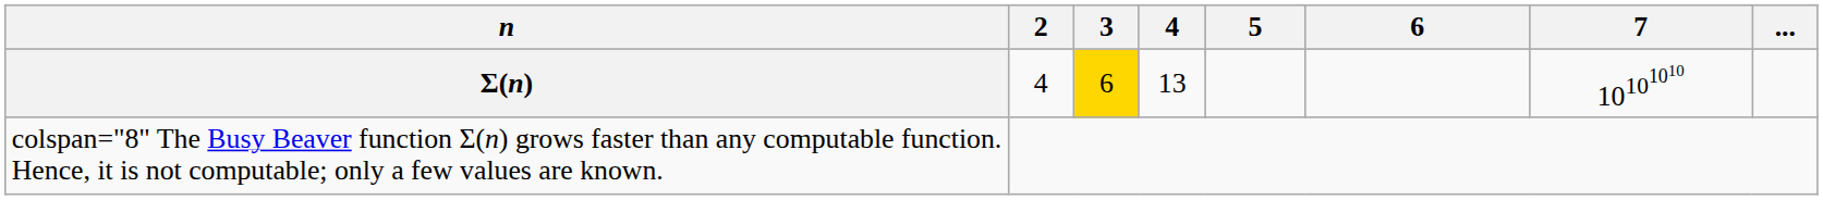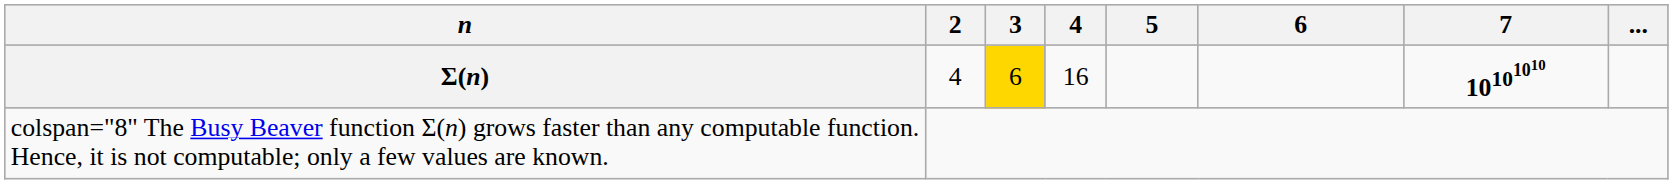 <table class="wikitable floatright">
 <tr>
 <th><em>n</em></th>
 <th width="30px">2</th>
 <th width="30px">3</th>
 <th width="30px">4</th>
 <th width="50px">5</th>
 <th width="120px">6</th>
 <th width="120px">7</th>
 <th width="30px">...</th>
 </tr>
 <tr>
 <th>Σ(<em>n</em>)</th>
 <td align="center">4</td>
 <td align="center" style="background: gold;">6</td>
-<td align="center">13</td>
+<td align="center">16</td>
 <td align="center"></td>
 <td align="center"> </td>
-<td align="center"> 10<sup>10<sup>10<sup>10<sup></sup></sup></sup></sup></td>
+<td align="center"><strong> 10<sup>10<sup>10<sup>10<sup></sup></sup></sup></sup></strong></td>
 <td align="center"></td>
 </tr>
 <tr>
 <td>colspan="8"  The <a href='#'>Busy Beaver</a> function Σ(<em>n</em>) grows faster than any computable function.<br>Hence, it is not computable; only a few values are known.</td>
 </tr>
 </table>
